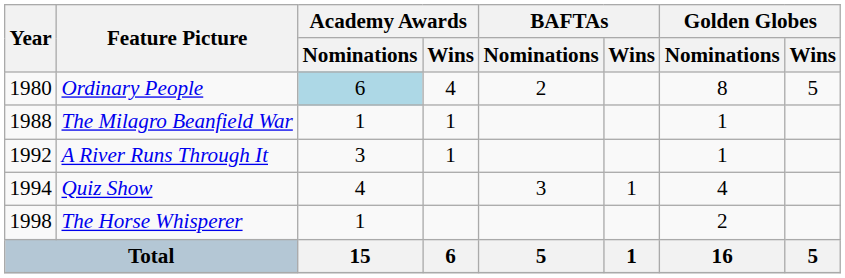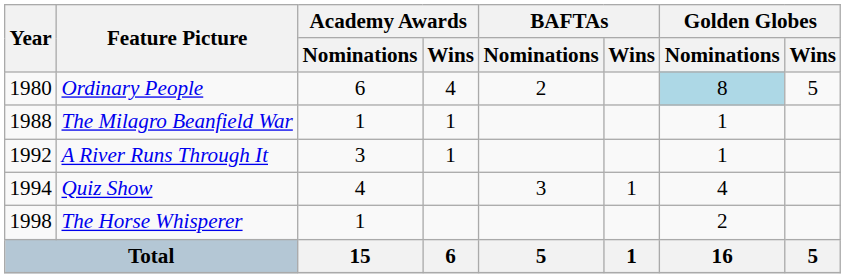 <table class="wikitable">
 <tr>
 <th rowspan="2">Year</th>
 <th rowspan="2">Feature Picture</th>
 <th colspan="2">Academy Awards</th>
 <th colspan="2">BAFTAs</th>
 <th colspan="2">Golden Globes</th>
 </tr>
 <tr>
 <th>Nominations</th>
 <th>Wins</th>
 <th>Nominations</th>
 <th>Wins</th>
 <th>Nominations</th>
 <th>Wins</th>
 </tr>
 <tr>
 <td>1980</td>
 <td><em><a href='#'>Ordinary People</a></em></td>
-<td align=center style="background: lightblue;">6</td>
+<td align=center>6</td>
 <td align=center>4</td>
 <td align=center>2</td>
 <td></td>
-<td align=center>8</td>
+<td align=center style="background: lightblue;">8</td>
 <td align=center>5</td>
 </tr>
 <tr>
 <td>1988</td>
 <td><em><a href='#'>The Milagro Beanfield War</a></em></td>
 <td align=center>1</td>
 <td align=center>1</td>
 <td></td>
 <td></td>
 <td align=center>1</td>
 <td></td>
 </tr>
 <tr>
 <td>1992</td>
 <td><em><a href='#'>A River Runs Through It</a></em></td>
 <td align=center>3</td>
 <td align=center>1</td>
 <td></td>
 <td></td>
 <td align=center>1</td>
 <td></td>
 </tr>
 <tr>
 <td>1994</td>
 <td><em><a href='#'>Quiz Show</a></em></td>
 <td align=center>4</td>
 <td></td>
 <td align=center>3</td>
 <td align=center>1</td>
 <td align=center>4</td>
 <td></td>
 </tr>
 <tr>
 <td>1998</td>
 <td><em><a href='#'>The Horse Whisperer</a></em></td>
 <td align=center>1</td>
 <td></td>
 <td></td>
 <td></td>
 <td align=center>2</td>
 <td></td>
 </tr>
 <tr>
 <th colspan="2" style="background-color:#b4c7d5;">Total</th>
 <th>15</th>
 <th>6</th>
 <th>5</th>
 <th>1</th>
 <th>16</th>
 <th>5</th>
 </tr>
 <tr>
 </tr>
 </table>
